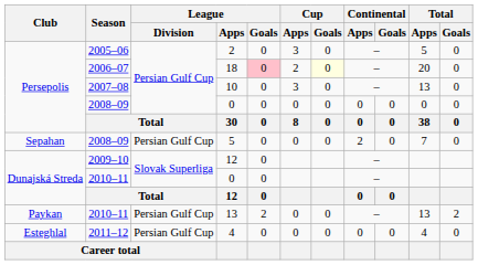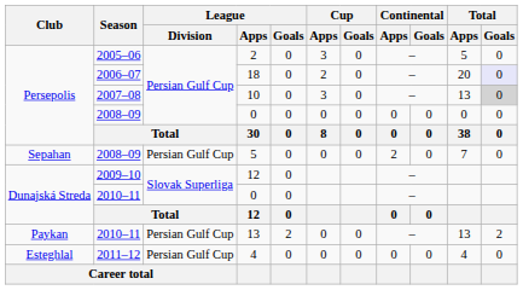 <table class="wikitable" style="text-align:center">
 <tr>
 <th rowspan="2">Club</th>
 <th rowspan="2">Season</th>
 <th colspan="3">League</th>
 <th colspan="2">Cup</th>
 <th colspan="2">Continental</th>
 <th colspan="2">Total</th>
 </tr>
 <tr>
 <th>Division</th>
 <th>Apps</th>
 <th>Goals</th>
 <th>Apps</th>
 <th>Goals</th>
 <th>Apps</th>
 <th>Goals</th>
 <th>Apps</th>
 <th>Goals</th>
 </tr>
 <tr>
 <td rowspan="5"><a href='#'>Persepolis</a></td>
 <td><a href='#'>2005–06</a></td>
 <td rowspan="4"><a href='#'>Persian Gulf Cup</a></td>
 <td>2</td>
 <td>0</td>
 <td>3</td>
 <td>0</td>
 <td colspan="2">–</td>
 <td>5</td>
 <td>0</td>
 </tr>
 <tr>
 <td><a href='#'>2006–07</a></td>
 <td>18</td>
-<td style="background: pink;">0</td>
+<td>0</td>
 <td>2</td>
-<td style="background: lightyellow;">0</td>
+<td>0</td>
 <td colspan="2">–</td>
 <td>20</td>
-<td>0</td>
+<td style="background: lavender;">0</td>
 </tr>
 <tr>
 <td><a href='#'>2007–08</a></td>
 <td>10</td>
 <td>0</td>
 <td>3</td>
 <td>0</td>
 <td colspan="2">–</td>
 <td>13</td>
-<td>0</td>
+<td style="background: lightgrey;">0</td>
 </tr>
 <tr>
 <td><a href='#'>2008–09</a></td>
 <td>0</td>
 <td>0</td>
 <td>0</td>
 <td>0</td>
 <td>0</td>
 <td>0</td>
 <td>0</td>
 <td>0</td>
 </tr>
 <tr>
 <th colspan="2">Total</th>
 <th>30</th>
 <th>0</th>
 <th>8</th>
 <th>0</th>
 <th>0</th>
 <th>0</th>
 <th>38</th>
 <th>0</th>
 </tr>
 <tr>
 <td><a href='#'>Sepahan</a></td>
 <td><a href='#'>2008–09</a></td>
 <td>Persian Gulf Cup</td>
 <td>5</td>
 <td>0</td>
 <td>0</td>
 <td>0</td>
 <td>2</td>
 <td>0</td>
 <td>7</td>
 <td>0</td>
 </tr>
 <tr>
 <td rowspan="3"><a href='#'>Dunajská Streda</a></td>
 <td><a href='#'>2009–10</a></td>
 <td rowspan="2"><a href='#'>Slovak Superliga</a></td>
 <td>12</td>
 <td>0</td>
 <td></td>
 <td></td>
 <td colspan="2">–</td>
 <td></td>
 <td></td>
 </tr>
 <tr>
 <td><a href='#'>2010–11</a></td>
 <td>0</td>
 <td>0</td>
 <td></td>
 <td></td>
 <td colspan="2">–</td>
 <td></td>
 <td></td>
 </tr>
 <tr>
 <th colspan="2">Total</th>
 <th>12</th>
 <th>0</th>
 <th></th>
 <th></th>
 <th>0</th>
 <th>0</th>
 <th></th>
 <th></th>
 </tr>
 <tr>
 <td><a href='#'>Paykan</a></td>
 <td><a href='#'>2010–11</a></td>
 <td>Persian Gulf Cup</td>
 <td>13</td>
 <td>2</td>
 <td>0</td>
 <td>0</td>
 <td colspan="2">–</td>
 <td>13</td>
 <td>2</td>
 </tr>
 <tr>
 <td><a href='#'>Esteghlal</a></td>
 <td><a href='#'>2011–12</a></td>
 <td>Persian Gulf Cup</td>
 <td>4</td>
 <td>0</td>
 <td>0</td>
 <td>0</td>
 <td>0</td>
 <td>0</td>
 <td>4</td>
 <td>0</td>
 </tr>
 <tr>
 <th colspan="3">Career total</th>
 <th></th>
 <th></th>
 <th></th>
 <th></th>
 <th></th>
 <th></th>
 <th></th>
 <th></th>
 </tr>
 </table>
